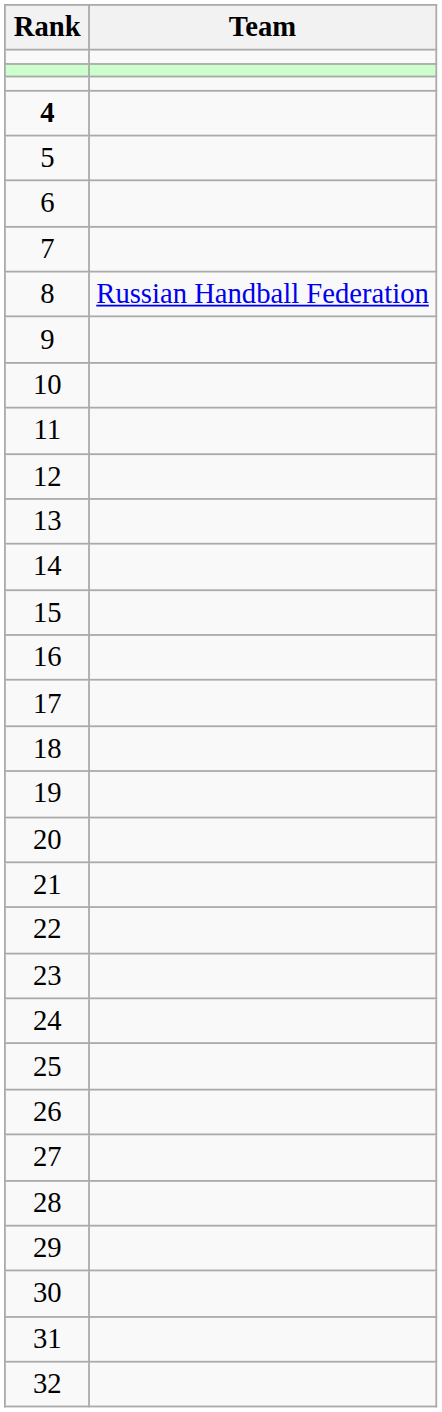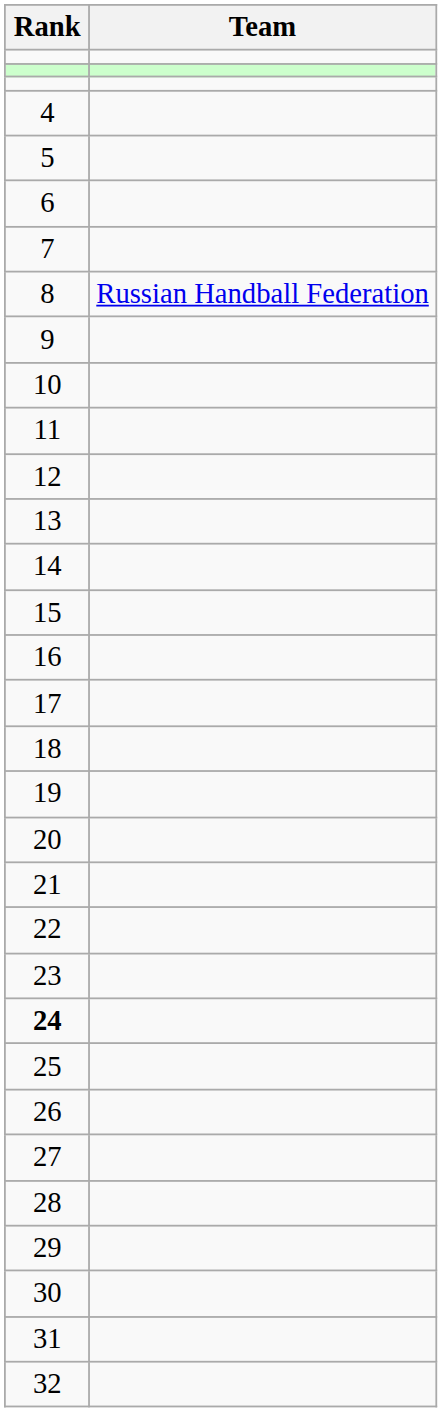 <table class="wikitable">
 <tr>
 <th style="width: 40px;">Rank</th>
 <th>Team</th>
 </tr>
 <tr>
 <td style="text-align: center;"></td>
 <td></td>
 </tr>
 <tr style="background: #CCFFCC;">
 <td style="text-align: center;"></td>
 <td></td>
 </tr>
 <tr>
 <td style="text-align: center;"></td>
 <td></td>
 </tr>
 <tr>
-<td style="text-align: center;"><strong>4</strong></td>
+<td style="text-align: center;">4</td>
 <td></td>
 </tr>
 <tr>
 <td style="text-align: center;">5</td>
 <td></td>
 </tr>
 <tr>
 <td style="text-align: center;">6</td>
 <td></td>
 </tr>
 <tr>
 <td style="text-align: center;">7</td>
 <td></td>
 </tr>
 <tr>
 <td style="text-align: center;">8</td>
 <td><a href='#'>Russian Handball Federation</a></td>
 </tr>
 <tr>
 <td style="text-align: center;">9</td>
 <td></td>
 </tr>
 <tr>
 <td style="text-align: center;">10</td>
 <td></td>
 </tr>
 <tr>
 <td style="text-align: center;">11</td>
 <td></td>
 </tr>
 <tr>
 <td style="text-align: center;">12</td>
 <td></td>
 </tr>
 <tr>
 <td style="text-align: center;">13</td>
 <td></td>
 </tr>
 <tr>
 <td style="text-align: center;">14</td>
 <td></td>
 </tr>
 <tr>
 <td style="text-align: center;">15</td>
 <td></td>
 </tr>
 <tr>
 <td style="text-align: center;">16</td>
 <td></td>
 </tr>
 <tr>
 <td style="text-align: center;">17</td>
 <td></td>
 </tr>
 <tr>
 <td style="text-align: center;">18</td>
 <td></td>
 </tr>
 <tr>
 <td style="text-align: center;">19</td>
 <td></td>
 </tr>
 <tr>
 <td style="text-align: center;">20</td>
 <td></td>
 </tr>
 <tr>
 <td style="text-align: center;">21</td>
 <td></td>
 </tr>
 <tr>
 <td style="text-align: center;">22</td>
 <td></td>
 </tr>
 <tr>
 <td style="text-align: center;">23</td>
 <td></td>
 </tr>
 <tr>
-<td style="text-align: center;">24</td>
+<td style="text-align: center;"><strong>24</strong></td>
 <td></td>
 </tr>
 <tr>
 <td style="text-align: center;">25</td>
 <td></td>
 </tr>
 <tr>
 <td style="text-align: center;">26</td>
 <td></td>
 </tr>
 <tr>
 <td style="text-align: center;">27</td>
 <td></td>
 </tr>
 <tr>
 <td style="text-align: center;">28</td>
 <td></td>
 </tr>
 <tr>
 <td style="text-align: center;">29</td>
 <td></td>
 </tr>
 <tr>
 <td style="text-align: center;">30</td>
 <td></td>
 </tr>
 <tr>
 <td style="text-align: center;">31</td>
 <td></td>
 </tr>
 <tr>
 <td style="text-align: center;">32</td>
 <td></td>
 </tr>
 </table>
